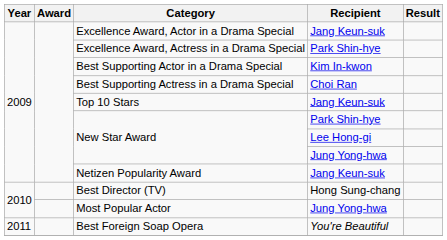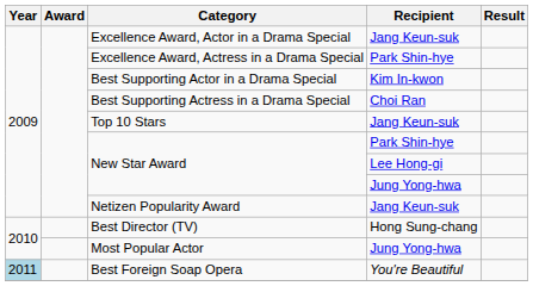 <table class="wikitable">
 <tr>
 <th>Year</th>
 <th>Award</th>
 <th>Category</th>
 <th>Recipient</th>
 <th>Result</th>
 </tr>
 <tr>
 <td rowspan=9>2009</td>
 <td rowspan=9></td>
 <td>Excellence Award, Actor in a Drama Special</td>
 <td><a href='#'>Jang Keun-suk</a></td>
 <td></td>
 </tr>
 <tr>
 <td>Excellence Award, Actress in a Drama Special</td>
 <td><a href='#'>Park Shin-hye</a></td>
 <td></td>
 </tr>
 <tr>
 <td>Best Supporting Actor in a Drama Special</td>
 <td><a href='#'>Kim In-kwon</a></td>
 <td></td>
 </tr>
 <tr>
 <td>Best Supporting Actress in a Drama Special</td>
 <td><a href='#'>Choi Ran</a></td>
 <td></td>
 </tr>
 <tr>
 <td>Top 10 Stars</td>
 <td><a href='#'>Jang Keun-suk</a></td>
 <td></td>
 </tr>
 <tr>
 <td rowspan=3>New Star Award</td>
 <td><a href='#'>Park Shin-hye</a></td>
 <td></td>
 </tr>
 <tr>
 <td><a href='#'>Lee Hong-gi</a></td>
 <td></td>
 </tr>
 <tr>
 <td><a href='#'>Jung Yong-hwa</a></td>
 <td></td>
 </tr>
 <tr>
 <td>Netizen Popularity Award</td>
 <td><a href='#'>Jang Keun-suk</a></td>
 <td></td>
 </tr>
 <tr>
 <td rowspan=2>2010</td>
 <td></td>
 <td>Best Director (TV)</td>
 <td>Hong Sung-chang</td>
 <td></td>
 </tr>
 <tr>
 <td></td>
 <td>Most Popular Actor</td>
 <td><a href='#'>Jung Yong-hwa</a></td>
 <td></td>
 </tr>
 <tr>
-<td>2011</td>
+<td style="background: lightblue;">2011</td>
 <td></td>
 <td>Best Foreign Soap Opera</td>
 <td><em>You're Beautiful</em></td>
 <td></td>
 </tr>
 <tr>
 </tr>
 </table>
